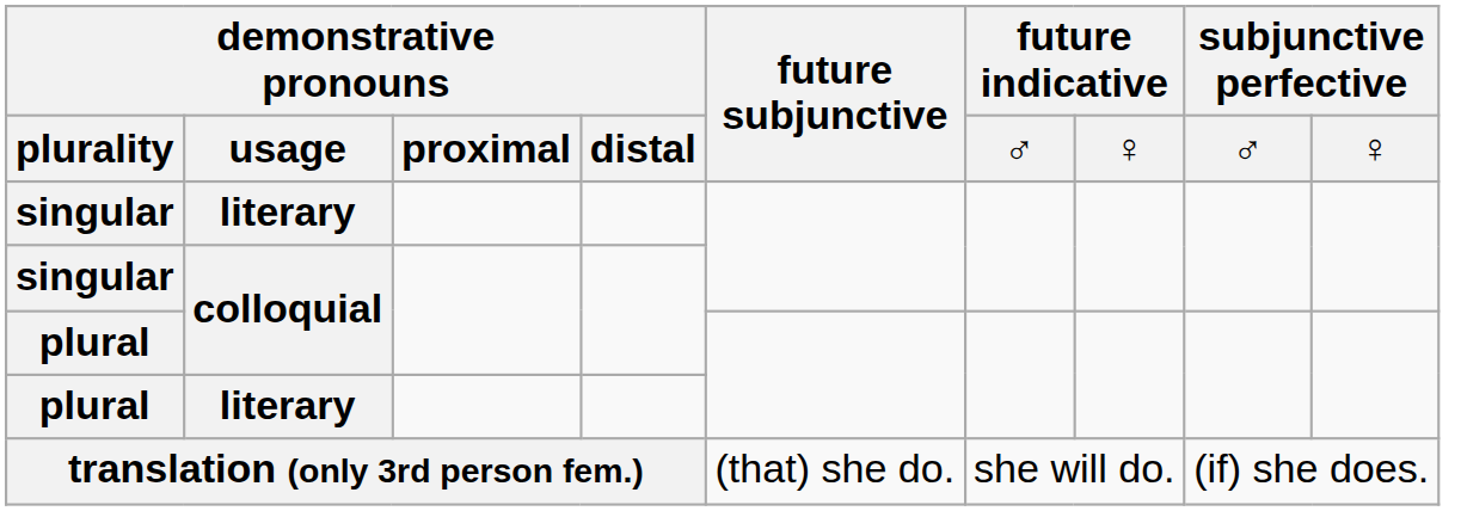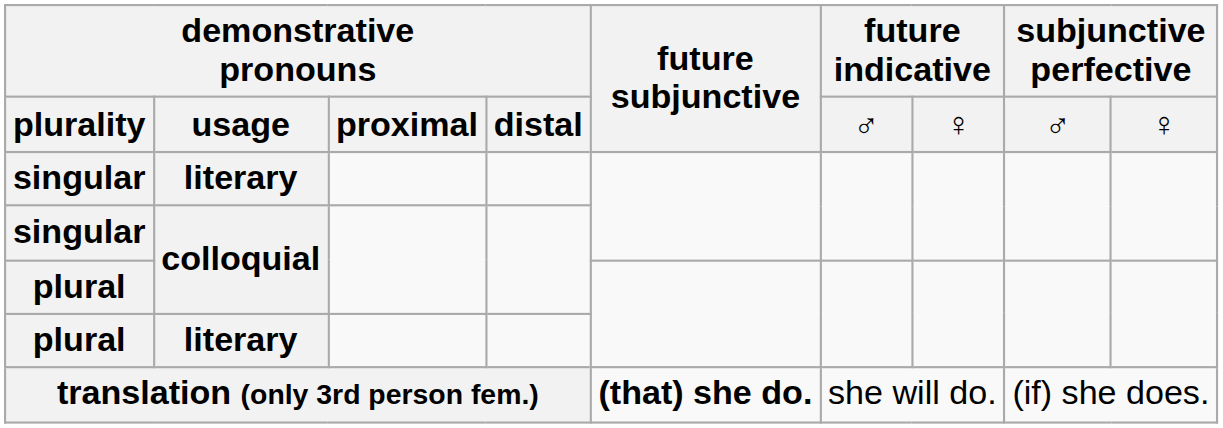 <table class="wikitable">
 <tr>
 <th colspan="4">demonstrative<br>pronouns</th>
 <th rowspan="2">future<br>subjunctive</th>
 <th colspan="2">future<br>indicative</th>
 <th colspan="2">subjunctive<br>perfective</th>
 </tr>
 <tr>
 <th>plurality</th>
 <th>usage</th>
 <th>proximal</th>
 <th>distal</th>
 <th>♂</th>
 <th>♀</th>
 <th>♂</th>
 <th>♀</th>
 </tr>
 <tr>
 <th rowspan="2">singular</th>
 <th>literary</th>
 <td></td>
 <td></td>
 <td rowspan="3"></td>
 <td rowspan="3"></td>
 <td rowspan="3"></td>
 <td rowspan="3"></td>
 <td rowspan="3"></td>
 </tr>
 <tr>
 <th rowspan="3">colloquial</th>
 <td rowspan="3"></td>
 <td rowspan="3"></td>
 </tr>
 <tr>
 <th>singular</th>
 </tr>
 <tr>
 <th>plural</th>
 <td rowspan="2"></td>
 <td rowspan="2"></td>
 <td rowspan="2"></td>
 <td rowspan="2"></td>
 <td rowspan="2"></td>
 </tr>
 <tr>
 <th>plural</th>
 <th>literary</th>
 <td></td>
 <td></td>
 </tr>
 <tr>
 <th colspan="4">translation <small>(only 3rd person fem.)</small></th>
-<td>(that) she do.</td>
+<td><strong>(that) she do.</strong></td>
 <td colspan="2">she will do.</td>
 <td colspan="2">(if) she does.</td>
 </tr>
 </table>
